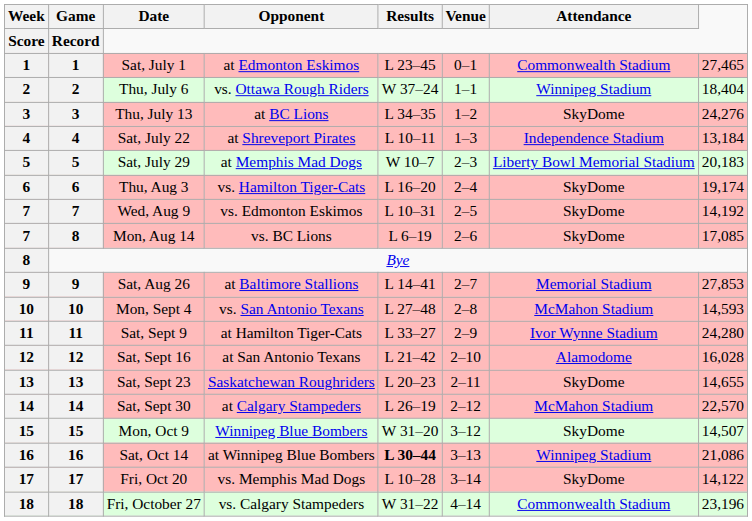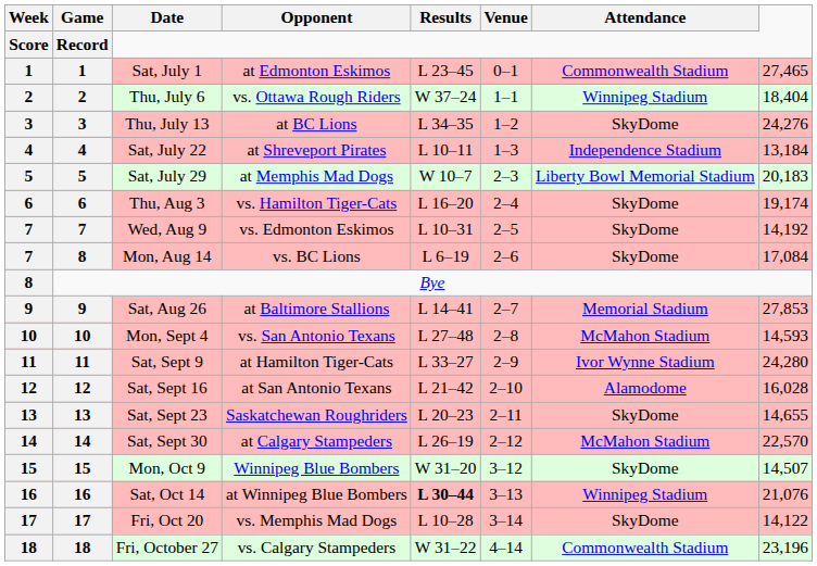 <table class="wikitable" style="text-align:center">
 <tr>
 <th>Week</th>
 <th>Game</th>
 <th>Date</th>
 <th>Opponent</th>
 <th>Results</th>
 <th>Venue</th>
 <th>Attendance</th>
 </tr>
 <tr>
 <th>Score</th>
 <th>Record</th>
 </tr>
 <tr style="background:#ffbbbb">
 <th>1</th>
 <th>1</th>
 <td>Sat, July 1</td>
 <td>at <a href='#'>Edmonton Eskimos</a></td>
 <td>L 23–45</td>
 <td>0–1</td>
 <td><a href='#'>Commonwealth Stadium</a></td>
 <td>27,465</td>
 </tr>
 <tr style="background:#ddffdd">
 <th>2</th>
 <th>2</th>
 <td>Thu, July 6</td>
 <td>vs. <a href='#'>Ottawa Rough Riders</a></td>
 <td>W 37–24</td>
 <td>1–1</td>
 <td><a href='#'>Winnipeg Stadium</a></td>
 <td>18,404</td>
 </tr>
 <tr style="background:#ffbbbb">
 <th>3</th>
 <th>3</th>
 <td>Thu, July 13</td>
 <td>at <a href='#'>BC Lions</a></td>
 <td>L 34–35</td>
 <td>1–2</td>
 <td>SkyDome</td>
 <td>24,276</td>
 </tr>
 <tr style="background:#ffbbbb">
 <th>4</th>
 <th>4</th>
 <td>Sat, July 22</td>
 <td>at <a href='#'>Shreveport Pirates</a></td>
 <td>L 10–11</td>
 <td>1–3</td>
 <td><a href='#'>Independence Stadium</a></td>
 <td>13,184</td>
 </tr>
 <tr style="background:#ddffdd">
 <th>5</th>
 <th>5</th>
 <td>Sat, July 29</td>
 <td>at <a href='#'>Memphis Mad Dogs</a></td>
 <td>W 10–7 </td>
 <td>2–3</td>
 <td><a href='#'>Liberty Bowl Memorial Stadium</a></td>
 <td>20,183</td>
 </tr>
 <tr style="background:#ffbbbb">
 <th>6</th>
 <th>6</th>
 <td>Thu, Aug 3</td>
 <td>vs. <a href='#'>Hamilton Tiger-Cats</a></td>
 <td>L 16–20 </td>
 <td>2–4</td>
 <td>SkyDome</td>
 <td>19,174</td>
 </tr>
 <tr style="background:#ffbbbb">
 <th>7</th>
 <th>7</th>
 <td>Wed, Aug 9</td>
 <td>vs. Edmonton Eskimos</td>
 <td>L 10–31</td>
 <td>2–5</td>
 <td>SkyDome</td>
 <td>14,192</td>
 </tr>
 <tr style="background:#ffbbbb">
 <th>7</th>
 <th>8</th>
 <td>Mon, Aug 14</td>
 <td>vs. BC Lions</td>
 <td>L 6–19</td>
 <td>2–6</td>
 <td>SkyDome</td>
-<td>17,085</td>
+<td>17,084</td>
 </tr>
 <tr align="center">
 <th>8</th>
 <td colspan=7><em><a href='#'>Bye</a></em></td>
 </tr>
 <tr style="background:#ffbbbb">
 <th>9</th>
 <th>9</th>
 <td>Sat, Aug 26</td>
 <td>at <a href='#'>Baltimore Stallions</a></td>
 <td>L 14–41</td>
 <td>2–7</td>
 <td><a href='#'>Memorial Stadium</a></td>
 <td>27,853</td>
 </tr>
 <tr style="background:#ffbbbb">
 <th>10</th>
 <th>10</th>
 <td>Mon, Sept 4</td>
 <td>vs. <a href='#'>San Antonio Texans</a></td>
 <td>L 27–48</td>
 <td>2–8</td>
 <td><a href='#'>McMahon Stadium</a></td>
 <td>14,593</td>
 </tr>
 <tr style="background:#ffbbbb">
 <th>11</th>
 <th>11</th>
 <td>Sat, Sept 9</td>
 <td>at Hamilton Tiger-Cats</td>
 <td>L 33–27</td>
 <td>2–9</td>
 <td><a href='#'>Ivor Wynne Stadium</a></td>
 <td>24,280</td>
 </tr>
 <tr style="background:#ffbbbb">
 <th>12</th>
 <th>12</th>
 <td>Sat, Sept 16</td>
 <td>at San Antonio Texans</td>
 <td>L 21–42</td>
 <td>2–10</td>
 <td><a href='#'>Alamodome</a></td>
 <td>16,028</td>
 </tr>
 <tr style="background:#ffbbbb">
 <th>13</th>
 <th>13</th>
 <td>Sat, Sept 23</td>
 <td><a href='#'>Saskatchewan Roughriders</a></td>
 <td>L 20–23</td>
 <td>2–11</td>
 <td>SkyDome</td>
 <td>14,655</td>
 </tr>
 <tr style="background:#ffbbbb">
 <th>14</th>
 <th>14</th>
 <td>Sat, Sept 30</td>
 <td>at <a href='#'>Calgary Stampeders</a></td>
 <td>L 26–19</td>
 <td>2–12</td>
 <td><a href='#'>McMahon Stadium</a></td>
 <td>22,570</td>
 </tr>
 <tr style="background:#ddffdd">
 <th>15</th>
 <th>15</th>
 <td>Mon, Oct 9</td>
 <td><a href='#'>Winnipeg Blue Bombers</a></td>
 <td>W 31–20</td>
 <td>3–12</td>
 <td>SkyDome</td>
 <td>14,507</td>
 </tr>
 <tr style="background:#ffbbbb">
 <th>16</th>
 <th>16</th>
 <td>Sat, Oct 14</td>
 <td>at Winnipeg Blue Bombers</td>
 <td><strong>L 30–44</strong></td>
 <td>3–13</td>
 <td><a href='#'>Winnipeg Stadium</a></td>
-<td>21,086</td>
+<td>21,076</td>
 </tr>
 <tr style="background:#ffbbbb">
 <th>17</th>
 <th>17</th>
 <td>Fri, Oct 20</td>
 <td>vs. Memphis Mad Dogs</td>
 <td>L 10–28</td>
 <td>3–14</td>
 <td>SkyDome</td>
 <td>14,122</td>
 </tr>
 <tr style="background:#ddffdd">
 <th>18</th>
 <th>18</th>
 <td>Fri, October 27</td>
 <td>vs. Calgary Stampeders</td>
 <td>W 31–22</td>
 <td>4–14</td>
 <td><a href='#'>Commonwealth Stadium</a></td>
 <td>23,196</td>
 </tr>
 </table>
